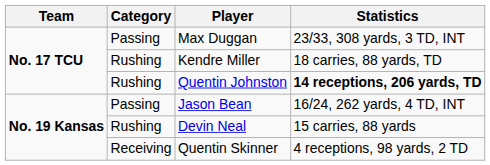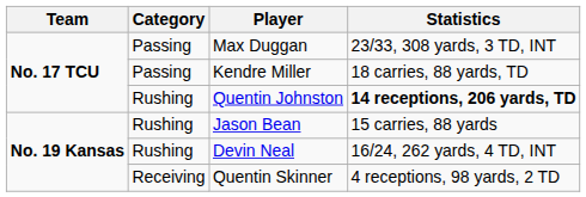 <table class="wikitable" style="float: right;">
 <tr>
 <th>Team</th>
 <th>Category</th>
 <th>Player</th>
 <th>Statistics</th>
 </tr>
 <tr>
 <td rowspan=3><strong>No. 17 TCU</strong></td>
 <td>Passing</td>
 <td>Max Duggan</td>
 <td>23/33, 308 yards, 3 TD, INT</td>
 </tr>
 <tr>
-<td>Rushing</td>
+<td>Passing</td>
 <td>Kendre Miller</td>
 <td>18 carries, 88 yards, TD</td>
 </tr>
 <tr>
 <td>Rushing</td>
 <td><a href='#'>Quentin Johnston</a></td>
 <td><strong>14 receptions, 206 yards, TD</strong></td>
 </tr>
 <tr>
 <td rowspan=3><strong>No. 19 Kansas</strong></td>
-<td>Passing</td>
+<td>Rushing</td>
 <td><a href='#'>Jason Bean</a></td>
-<td>16/24, 262 yards, 4 TD, INT</td>
+<td>15 carries, 88 yards</td>
 </tr>
 <tr>
 <td>Rushing</td>
 <td><a href='#'>Devin Neal</a></td>
-<td>15 carries, 88 yards</td>
+<td>16/24, 262 yards, 4 TD, INT</td>
 </tr>
 <tr>
 <td>Receiving</td>
 <td>Quentin Skinner</td>
 <td>4 receptions, 98 yards, 2 TD</td>
 </tr>
 </table>
